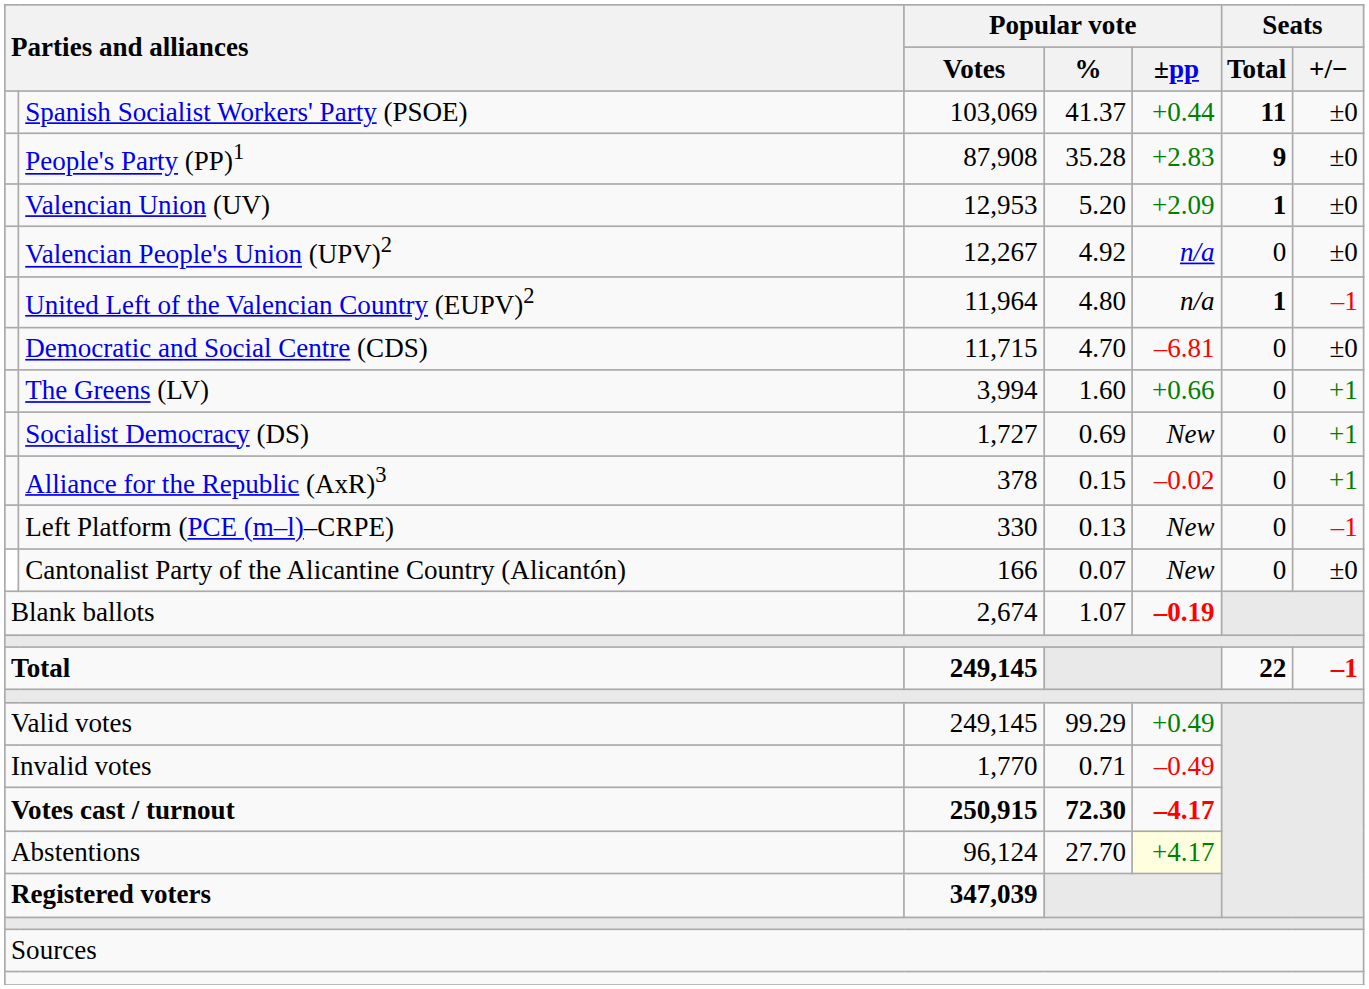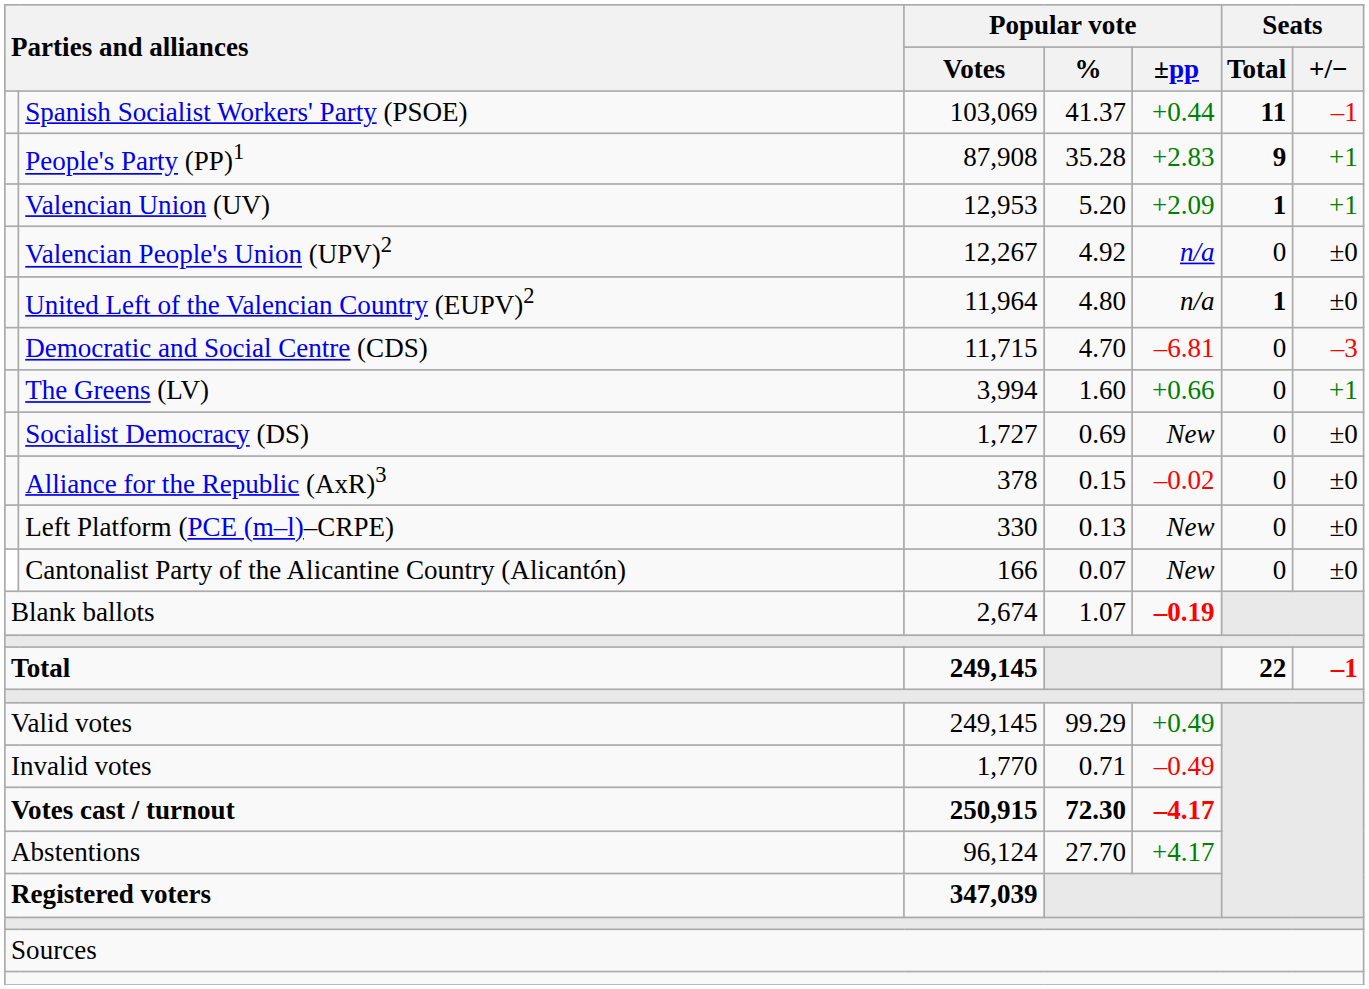 <table class="wikitable" style="text-align:right;">
 <tr>
 <th style="text-align:left;" rowspan="2" colspan="2" width="525">Parties and alliances</th>
 <th colspan="3">Popular vote</th>
 <th colspan="2">Seats</th>
 </tr>
 <tr>
 <th width="75">Votes</th>
 <th width="45">%</th>
 <th width="45">±<a href='#'>pp</a></th>
 <th width="35">Total</th>
 <th width="35">+/−</th>
 </tr>
 <tr>
 <td width="1" style="color:inherit;background:"></td>
 <td align="left"><a href='#'>Spanish Socialist Workers' Party</a> (PSOE)</td>
 <td>103,069</td>
 <td>41.37</td>
 <td style="color:green;">+0.44</td>
 <td><strong>11</strong></td>
-<td>±0</td>
+<td style="color:red;">–1</td>
 </tr>
 <tr>
 <td style="color:inherit;background:"></td>
 <td align="left"><a href='#'>People's Party</a> (PP)<sup>1</sup></td>
 <td>87,908</td>
 <td>35.28</td>
 <td style="color:green;">+2.83</td>
 <td><strong>9</strong></td>
-<td>±0</td>
+<td style="color:green;">+1</td>
 </tr>
 <tr>
 <td style="color:inherit;background:"></td>
 <td align="left"><a href='#'>Valencian Union</a> (UV)</td>
 <td>12,953</td>
 <td>5.20</td>
 <td style="color:green;">+2.09</td>
 <td><strong>1</strong></td>
-<td>±0</td>
+<td style="color:green;">+1</td>
 </tr>
 <tr>
 <td style="color:inherit;background:"></td>
 <td align="left"><a href='#'>Valencian People's Union</a> (UPV)<sup>2</sup></td>
 <td>12,267</td>
 <td>4.92</td>
 <td><em><a href='#'>n/a</a></em></td>
 <td>0</td>
 <td>±0</td>
 </tr>
 <tr>
 <td style="color:inherit;background:"></td>
 <td align="left"><a href='#'>United Left of the Valencian Country</a> (EUPV)<sup>2</sup></td>
 <td>11,964</td>
 <td>4.80</td>
 <td><em>n/a</em></td>
 <td><strong>1</strong></td>
-<td style="color:red;">–1</td>
+<td>±0</td>
 </tr>
 <tr>
 <td style="color:inherit;background:"></td>
 <td align="left"><a href='#'>Democratic and Social Centre</a> (CDS)</td>
 <td>11,715</td>
 <td>4.70</td>
 <td style="color:red;">–6.81</td>
 <td>0</td>
-<td>±0</td>
+<td style="color:red;">–3</td>
 </tr>
 <tr>
 <td style="color:inherit;background:"></td>
 <td align="left"><a href='#'>The Greens</a> (LV)</td>
 <td>3,994</td>
 <td>1.60</td>
 <td style="color:green;">+0.66</td>
 <td>0</td>
 <td style="color:green;">+1</td>
 </tr>
 <tr>
 <td style="color:inherit;background:"></td>
 <td align="left"><a href='#'>Socialist Democracy</a> (DS)</td>
 <td>1,727</td>
 <td>0.69</td>
 <td><em>New</em></td>
 <td>0</td>
-<td style="color:green;">+1</td>
+<td>±0</td>
 </tr>
 <tr>
 <td style="color:inherit;background:"></td>
 <td align="left"><a href='#'>Alliance for the Republic</a> (AxR)<sup>3</sup></td>
 <td>378</td>
 <td>0.15</td>
 <td style="color:red;">–0.02</td>
 <td>0</td>
-<td style="color:green;">+1</td>
+<td>±0</td>
 </tr>
 <tr>
 <td style="color:inherit;background:"></td>
 <td align="left">Left Platform (<a href='#'>PCE (m–l)</a>–CRPE)</td>
 <td>330</td>
 <td>0.13</td>
 <td><em>New</em></td>
 <td>0</td>
-<td style="color:red;">–1</td>
+<td>±0</td>
 </tr>
 <tr>
 <td bgcolor="white"></td>
 <td align="left">Cantonalist Party of the Alicantine Country (Alicantón)</td>
 <td>166</td>
 <td>0.07</td>
 <td><em>New</em></td>
 <td>0</td>
 <td>±0</td>
 </tr>
 <tr>
 <td align="left" colspan="2">Blank ballots</td>
 <td>2,674</td>
 <td>1.07</td>
 <td style="color:red;"><strong>–0.19</strong></td>
 <td bgcolor="#E9E9E9" colspan="2"></td>
 </tr>
 <tr>
 <td colspan="7" bgcolor="#E9E9E9"></td>
 </tr>
 <tr style="font-weight:bold;">
 <td align="left" colspan="2">Total</td>
 <td>249,145</td>
 <td bgcolor="#E9E9E9" colspan="2"></td>
 <td>22</td>
 <td style="color:red;">–1</td>
 </tr>
 <tr>
 <td colspan="7" bgcolor="#E9E9E9"></td>
 </tr>
 <tr>
 <td align="left" colspan="2">Valid votes</td>
 <td>249,145</td>
 <td>99.29</td>
 <td style="color:green;">+0.49</td>
 <td bgcolor="#E9E9E9" colspan="2" rowspan="5"></td>
 </tr>
 <tr>
 <td align="left" colspan="2">Invalid votes</td>
 <td>1,770</td>
 <td>0.71</td>
 <td style="color:red;">–0.49</td>
 </tr>
 <tr style="font-weight:bold;">
 <td align="left" colspan="2">Votes cast / turnout</td>
 <td>250,915</td>
 <td>72.30</td>
 <td style="color:red;">–4.17</td>
 </tr>
 <tr>
 <td align="left" colspan="2">Abstentions</td>
 <td>96,124</td>
 <td>27.70</td>
-<td style="background: lightyellow; color:green;">+4.17</td>
+<td style="color:green;">+4.17</td>
 </tr>
 <tr style="font-weight:bold;">
 <td align="left" colspan="2">Registered voters</td>
 <td>347,039</td>
 <td bgcolor="#E9E9E9" colspan="2"></td>
 </tr>
 <tr>
 <td colspan="7" bgcolor="#E9E9E9"></td>
 </tr>
 <tr>
 <td align="left" colspan="7">Sources</td>
 </tr>
 <tr>
 <td colspan="7" style="text-align:left; max-width:790px;"></td>
 </tr>
 </table>
